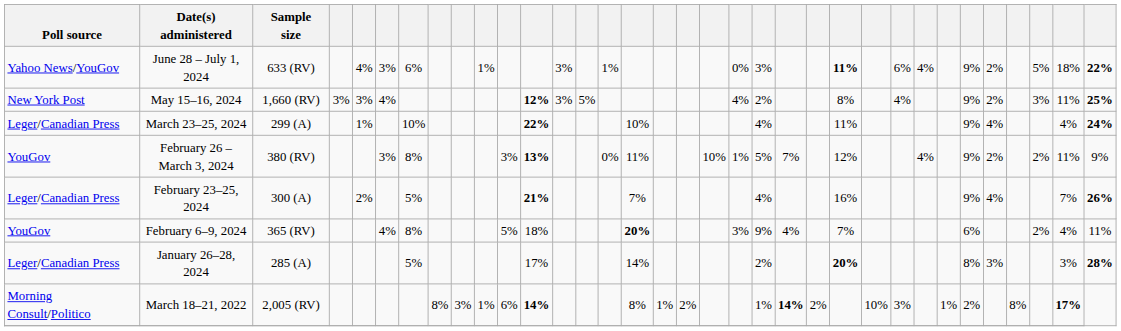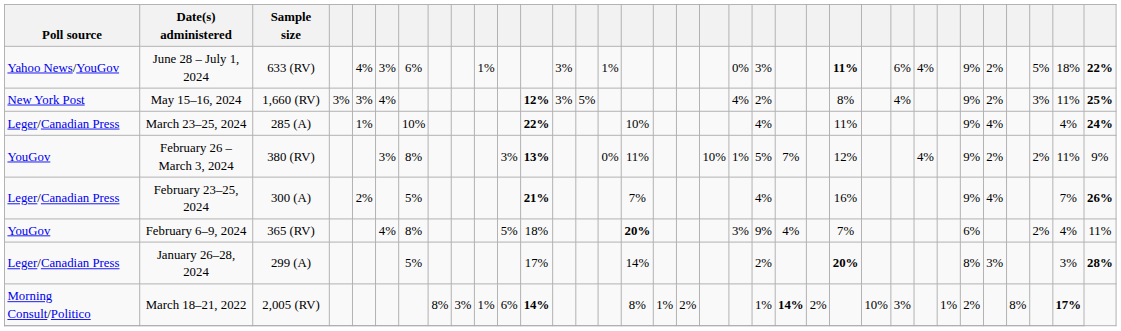 <table class="wikitable" style="text-align:center;font-size:90%;line-height:20px">
 <tr valign=bottom>
 <th style="background-position: right 85%;">Poll source</th>
 <th style="width:120px; background-position: right 85%;">Date(s)<br>administered</th>
 <th style="width:80px; background-position: right 85%;">Sample<br>size</th>
 <th></th>
 <th></th>
 <th></th>
 <th></th>
 <th></th>
 <th></th>
 <th></th>
 <th></th>
 <th></th>
 <th></th>
 <th></th>
 <th></th>
 <th></th>
 <th></th>
 <th></th>
 <th></th>
 <th></th>
 <th></th>
 <th></th>
 <th></th>
 <th></th>
 <th></th>
 <th></th>
 <th></th>
 <th></th>
 <th></th>
 <th></th>
 <th></th>
 <th></th>
 <th></th>
 <th></th>
 </tr>
 <tr>
 <td style="text-align:left;"><a href='#'>Yahoo News</a>/<a href='#'>YouGov</a></td>
 <td>June 28 – July 1, 2024</td>
 <td>633 (RV)</td>
 <td></td>
 <td>4%</td>
 <td>3%</td>
 <td>6%</td>
 <td></td>
 <td></td>
 <td>1%</td>
 <td></td>
 <td></td>
 <td>3%</td>
 <td></td>
 <td>1%</td>
 <td></td>
 <td></td>
 <td></td>
 <td></td>
 <td>0%</td>
 <td>3%</td>
 <td></td>
 <td></td>
 <td><strong>11%</strong></td>
 <td></td>
 <td>6%</td>
 <td>4%</td>
 <td></td>
 <td>9%</td>
 <td>2%</td>
 <td></td>
 <td>5%</td>
 <td>18%</td>
 <td><strong>22%</strong></td>
 </tr>
 <tr>
 <td style="text-align:left;"><a href='#'>New York Post</a></td>
 <td>May 15–16, 2024</td>
 <td>1,660 (RV)</td>
 <td>3%</td>
 <td>3%</td>
 <td>4%</td>
 <td></td>
 <td></td>
 <td></td>
 <td></td>
 <td></td>
 <td><strong>12%</strong></td>
 <td>3%</td>
 <td>5%</td>
 <td></td>
 <td></td>
 <td></td>
 <td></td>
 <td></td>
 <td>4%</td>
 <td>2%</td>
 <td></td>
 <td></td>
 <td>8%</td>
 <td></td>
 <td>4%</td>
 <td></td>
 <td></td>
 <td>9%</td>
 <td>2%</td>
 <td></td>
 <td>3%</td>
 <td>11%</td>
 <td><strong>25%</strong></td>
 </tr>
 <tr>
 <td style="text-align:left;"><a href='#'>Leger</a>/<a href='#'>Canadian Press</a></td>
 <td>March 23–25, 2024</td>
-<td>299 (A)</td>
+<td>285 (A)</td>
 <td></td>
 <td>1%</td>
 <td></td>
 <td>10%</td>
 <td></td>
 <td></td>
 <td></td>
 <td></td>
 <td><strong>22%</strong></td>
 <td></td>
 <td></td>
 <td></td>
 <td>10%</td>
 <td></td>
 <td></td>
 <td></td>
 <td></td>
 <td>4%</td>
 <td></td>
 <td></td>
 <td>11%</td>
 <td></td>
 <td></td>
 <td></td>
 <td></td>
 <td>9%</td>
 <td>4%</td>
 <td></td>
 <td></td>
 <td>4%</td>
 <td><strong>24%</strong></td>
 </tr>
 <tr>
 <td style="text-align:left;"><a href='#'>YouGov</a></td>
 <td>February 26 – March 3, 2024</td>
 <td>380 (RV)</td>
 <td></td>
 <td></td>
 <td>3%</td>
 <td>8%</td>
 <td></td>
 <td></td>
 <td></td>
 <td>3%</td>
 <td><strong>13%</strong></td>
 <td></td>
 <td></td>
 <td>0%</td>
 <td>11%</td>
 <td></td>
 <td></td>
 <td>10%</td>
 <td>1%</td>
 <td>5%</td>
 <td>7%</td>
 <td></td>
 <td>12%</td>
 <td></td>
 <td></td>
 <td>4%</td>
 <td></td>
 <td>9%</td>
 <td>2%</td>
 <td></td>
 <td>2%</td>
 <td>11%</td>
 <td>9%</td>
 </tr>
 <tr>
 <td style="text-align:left;"><a href='#'>Leger</a>/<a href='#'>Canadian Press</a></td>
 <td>February 23–25, 2024</td>
 <td>300 (A)</td>
 <td></td>
 <td>2%</td>
 <td></td>
 <td>5%</td>
 <td></td>
 <td></td>
 <td></td>
 <td></td>
 <td><strong>21%</strong></td>
 <td></td>
 <td></td>
 <td></td>
 <td>7%</td>
 <td></td>
 <td></td>
 <td></td>
 <td></td>
 <td>4%</td>
 <td></td>
 <td></td>
 <td>16%</td>
 <td></td>
 <td></td>
 <td></td>
 <td></td>
 <td>9%</td>
 <td>4%</td>
 <td></td>
 <td></td>
 <td>7%</td>
 <td><strong>26%</strong></td>
 </tr>
 <tr>
 <td style="text-align:left;"><a href='#'>YouGov</a></td>
 <td>February 6–9, 2024</td>
 <td>365 (RV)</td>
 <td></td>
 <td></td>
 <td>4%</td>
 <td>8%</td>
 <td></td>
 <td></td>
 <td></td>
 <td>5%</td>
 <td>18%</td>
 <td></td>
 <td></td>
 <td></td>
 <td><strong>20%</strong></td>
 <td></td>
 <td></td>
 <td></td>
 <td>3%</td>
 <td>9%</td>
 <td>4%</td>
 <td></td>
 <td>7%</td>
 <td></td>
 <td></td>
 <td></td>
 <td></td>
 <td>6%</td>
 <td></td>
 <td></td>
 <td>2%</td>
 <td>4%</td>
 <td>11%</td>
 </tr>
 <tr>
 <td style="text-align:left;"><a href='#'>Leger</a>/<a href='#'>Canadian Press</a></td>
 <td>January 26–28, 2024</td>
-<td>285 (A)</td>
+<td>299 (A)</td>
 <td></td>
 <td></td>
 <td></td>
 <td>5%</td>
 <td></td>
 <td></td>
 <td></td>
 <td></td>
 <td>17%</td>
 <td></td>
 <td></td>
 <td></td>
 <td>14%</td>
 <td></td>
 <td></td>
 <td></td>
 <td></td>
 <td>2%</td>
 <td></td>
 <td></td>
 <td><strong>20%</strong></td>
 <td></td>
 <td></td>
 <td></td>
 <td></td>
 <td>8%</td>
 <td>3%</td>
 <td></td>
 <td></td>
 <td>3%</td>
 <td><strong>28%</strong></td>
 </tr>
 <tr>
 <td style="text-align:left;"><a href='#'>Morning Consult</a>/<a href='#'>Politico</a></td>
 <td>March 18–21, 2022</td>
 <td>2,005 (RV)</td>
 <td></td>
 <td></td>
 <td></td>
 <td></td>
 <td>8%</td>
 <td>3%</td>
 <td>1%</td>
 <td>6%</td>
 <td><strong>14%</strong></td>
 <td></td>
 <td></td>
 <td></td>
 <td>8%</td>
 <td>1%</td>
 <td>2%</td>
 <td></td>
 <td></td>
 <td>1%</td>
 <td><strong>14%</strong></td>
 <td>2%</td>
 <td></td>
 <td>10%</td>
 <td>3%</td>
 <td></td>
 <td>1%</td>
 <td>2%</td>
 <td></td>
 <td>8%</td>
 <td></td>
 <td><strong>17%</strong></td>
 </tr>
 <tr>
 </tr>
 <tr>
 </tr>
 </table>
